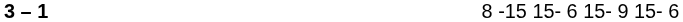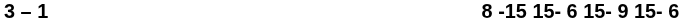 <table width=100% cellspacing=1>
 <tr>
 <th width=20%></th>
 <th width=12%></th>
 <th width=20%></th>
 <th width=33%></th>
 <td></td>
 </tr>
 <tr style=font-size:90%>
 <td align=right></td>
 <td align=center><strong>3 – 1</strong></td>
 <td><strong></strong></td>
-<td>8 -15 15- 6 15- 9 15- 6</td>
+<td><strong>8 -15 15- 6 15- 9 15- 6</strong></td>
 </tr>
 </table>
